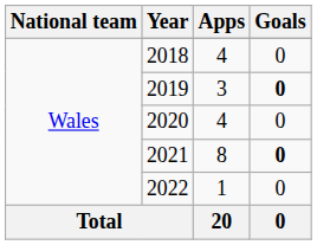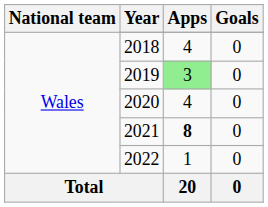 <table class="wikitable" style="text-align:center">
 <tr>
 <th>National team</th>
 <th>Year</th>
 <th>Apps</th>
 <th>Goals</th>
 </tr>
 <tr>
 <td rowspan="6"><a href='#'>Wales</a></td>
 </tr>
 <tr>
 <td>2018</td>
 <td>4</td>
 <td>0</td>
 </tr>
 <tr>
 <td>2019</td>
-<td>3</td>
-<td><strong>0</strong></td>
+<td style="background: lightgreen;">3</td>
+<td>0</td>
 </tr>
 <tr>
 <td>2020</td>
 <td>4</td>
 <td>0</td>
 </tr>
 <tr>
 <td>2021</td>
-<td>8</td>
-<td><strong>0</strong></td>
+<td><strong>8</strong></td>
+<td>0</td>
 </tr>
 <tr>
 <td>2022</td>
 <td>1</td>
 <td>0</td>
 </tr>
 <tr>
 <th colspan="2">Total</th>
 <th>20</th>
 <th>0</th>
 </tr>
 </table>
